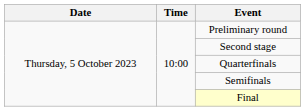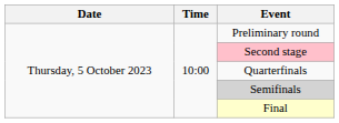 <table class = "wikitable" style="text-align:center;">
 <tr>
 <th width=220>Date</th>
 <th width=50>Time</th>
 <th width=150>Event</th>
 </tr>
 <tr>
 <td rowspan=5>Thursday, 5 October 2023</td>
 <td rowspan=5>10:00</td>
 <td>Preliminary round</td>
 </tr>
 <tr>
-<td>Second stage</td>
+<td style="background: pink;">Second stage</td>
 </tr>
 <tr>
 <td>Quarterfinals</td>
 </tr>
 <tr>
-<td>Semifinals</td>
+<td style="background: lightgrey;">Semifinals</td>
 </tr>
 <tr>
 <td bgcolor=ffffcc>Final</td>
 </tr>
 </table>
